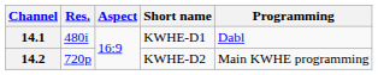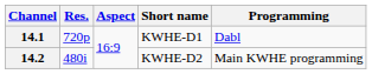 <table class="wikitable">
 <tr>
 <th scope = "col"><a href='#'>Channel</a></th>
 <th scope = "col"><a href='#'>Res.</a></th>
 <th scope = "col"><a href='#'>Aspect</a></th>
 <th scope = "col">Short name</th>
 <th scope = "col">Programming</th>
 </tr>
 <tr>
 <th scope = "row">14.1</th>
-<td><a href='#'>480i</a></td>
+<td><a href='#'>720p</a></td>
 <td rowspan="2"><a href='#'>16:9</a></td>
 <td>KWHE-D1</td>
 <td><a href='#'>Dabl</a></td>
 </tr>
 <tr>
 <th scope = "row">14.2</th>
-<td><a href='#'>720p</a></td>
+<td><a href='#'>480i</a></td>
 <td>KWHE-D2</td>
 <td>Main KWHE programming</td>
 </tr>
 </table>
